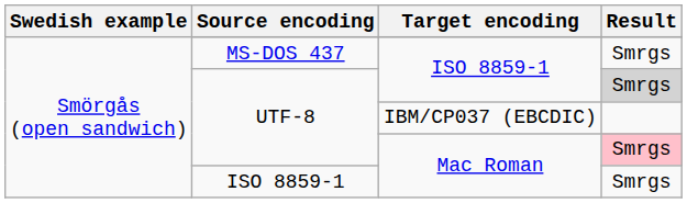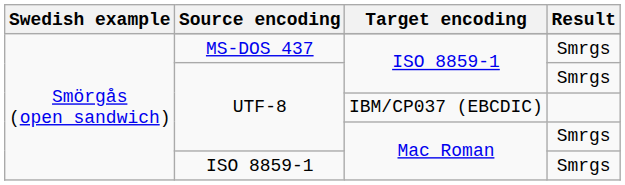 <table class="wikitable" style="text-align: center;">
 <tr>
 <th>Swedish example</th>
 <th>Source encoding</th>
 <th>Target encoding</th>
 <th>Result<br></th>
 </tr>
 <tr>
 <td rowspan="6"><a href='#'>Smörgås</a><br>(<a href='#'>open sandwich</a>)</td>
 </tr>
 <tr>
 <td><a href='#'>MS-DOS 437</a></td>
 <td rowspan="2"><a href='#'>ISO 8859-1</a></td>
 <td>Smrgs</td>
 </tr>
 <tr>
 <td rowspan="3">UTF-8</td>
-<td style="background: lightgrey;">Smrgs</td>
+<td>Smrgs</td>
 </tr>
 <tr>
 <td>IBM/CP037 (EBCDIC)</td>
 <td></td>
 </tr>
 <tr>
 <td rowspan="2"><a href='#'>Mac Roman</a></td>
-<td style="background: pink;">Smrgs</td>
+<td>Smrgs</td>
 </tr>
 <tr>
 <td>ISO 8859-1</td>
 <td>Smrgs</td>
 </tr>
 </table>
